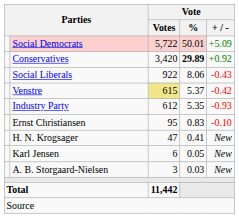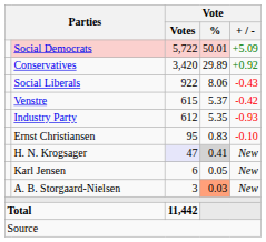 <table class="wikitable" style="text-align:right;">
 <tr>
 <th style="text-align:centre;" rowspan="2" colspan="2" width="225">Parties</th>
 <th colspan="3">Vote</th>
 </tr>
 <tr>
 <th width="15">Votes</th>
 <th width="15">%</th>
 <th width="15">+ / -</th>
 </tr>
 <tr>
 <td width="2" style="color:inherit;background:"></td>
 <td bgcolor=#fbd0ce  align="left"><a href='#'>Social Democrats</a></td>
 <td bgcolor=#fbd0ce>5,722</td>
 <td bgcolor=#fbd0ce>50.01</td>
 <td style=color:green;>+5.09</td>
 </tr>
 <tr>
 <td width="2" style="color:inherit;background:"></td>
 <td align="left"><a href='#'>Conservatives</a></td>
 <td>3,420</td>
-<td><strong>29.89</strong></td>
+<td>29.89</td>
 <td style=color:green;>+0.92</td>
 </tr>
 <tr>
 <td width="2" style="color:inherit;background:"></td>
 <td align="left"><a href='#'>Social Liberals</a></td>
 <td>922</td>
 <td>8.06</td>
 <td style=color:red;>-0.43</td>
 </tr>
 <tr>
 <td width="2" style="color:inherit;background:"></td>
 <td align="left"><a href='#'>Venstre</a></td>
-<td style="background: khaki;">615</td>
+<td>615</td>
 <td>5.37</td>
 <td style=color:red;>-0.42</td>
 </tr>
 <tr>
 <td width="2" style="color:inherit;background:"></td>
 <td align="left"><a href='#'>Industry Party</a></td>
 <td>612</td>
 <td>5.35</td>
 <td style=color:red;>-0.93</td>
 </tr>
 <tr>
 <td width="2" style="color:inherit;background:"></td>
 <td align="left">Ernst Christiansen</td>
 <td>95</td>
 <td>0.83</td>
 <td style=color:red;>-0.10</td>
 </tr>
 <tr>
 <td width="2" style="color:inherit;background:"></td>
 <td align="left">H. N. Krogsager</td>
-<td>47</td>
-<td>0.41</td>
+<td style="background: lavender;">47</td>
+<td style="background: lightgrey;">0.41</td>
 <td><em>New</em></td>
 </tr>
 <tr>
 <td width="2" style="color:inherit;background:"></td>
 <td align="left">Karl Jensen</td>
 <td>6</td>
 <td>0.05</td>
 <td><em>New</em></td>
 </tr>
 <tr>
 <td width="2" style="color:inherit;background:"></td>
 <td align="left">A. B. Storgaard-Nielsen</td>
 <td>3</td>
-<td>0.03</td>
+<td style="background: lightsalmon;">0.03</td>
 <td><em>New</em></td>
 </tr>
 <tr>
 <td colspan="7" bgcolor="#E9E9E9"></td>
 </tr>
 <tr>
 <td align="left" colspan="2"><strong>Total</strong></td>
 <td><strong>11,442</strong></td>
 <td bgcolor="#E9E9E9" colspan="2"></td>
 </tr>
 <tr>
 <td align="left" colspan="6">Source</td>
 </tr>
 </table>
